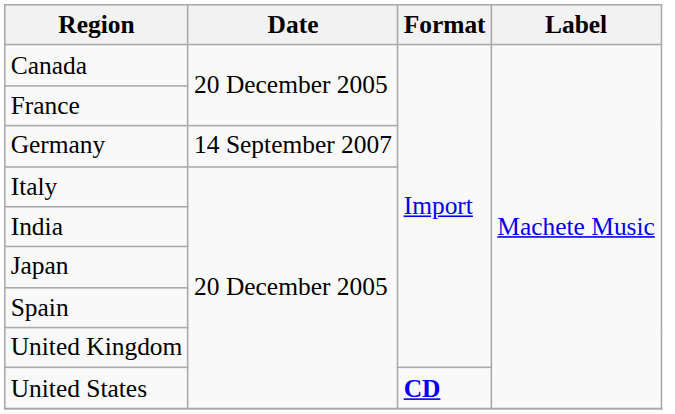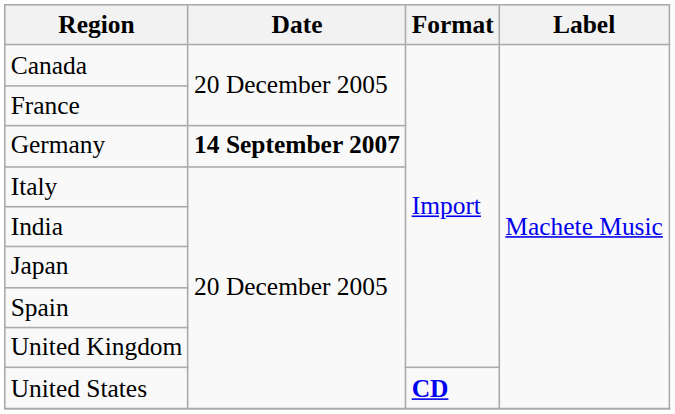 <table class="wikitable">
 <tr>
 <th>Region</th>
 <th>Date</th>
 <th>Format</th>
 <th>Label</th>
 </tr>
 <tr>
 <td>Canada</td>
 <td rowspan="2">20 December 2005</td>
 <td rowspan="8"><a href='#'>Import</a></td>
 <td rowspan="9"><a href='#'>Machete Music</a></td>
 </tr>
 <tr>
 <td>France</td>
 </tr>
 <tr>
 <td>Germany</td>
-<td rowspan="1">14 September 2007</td>
+<td rowspan="1"><strong>14 September 2007</strong></td>
 </tr>
 <tr>
 <td>Italy</td>
 <td rowspan="6">20 December 2005</td>
 </tr>
 <tr>
 <td>India</td>
 </tr>
 <tr>
 <td>Japan</td>
 </tr>
 <tr>
 <td>Spain</td>
 </tr>
 <tr>
 <td>United Kingdom</td>
 </tr>
 <tr>
 <td>United States</td>
 <td rowspan="1"><strong><a href='#'>CD</a></strong></td>
 </tr>
 <tr>
 </tr>
 </table>
